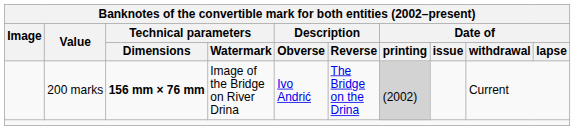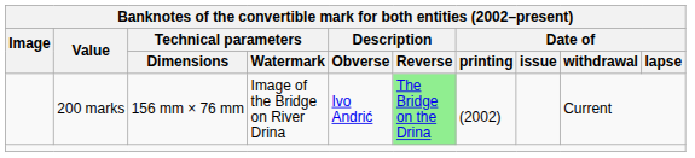 <table class="wikitable collapsible" style="font-size: 90%" width="75%">
 <tr>
 <th colspan="11">Banknotes of the convertible mark for both entities (2002–present)</th>
 </tr>
 <tr>
 <th rowspan="2" width="5%">Image<br> </th>
 <th rowspan="2" width="5%">Value</th>
 <th colspan="2" width="30%">Technical parameters</th>
 <th colspan="2" width="30%">Description</th>
 <th colspan="4" width="30%">Date of</th>
 </tr>
 <tr>
 <th width="10%">Dimensions</th>
 <th width="30%">Watermark</th>
 <th width="18%">Obverse</th>
 <th width="22%">Reverse</th>
 <th width="5%">printing</th>
 <th width="5%">issue</th>
 <th width="5%">withdrawal</th>
 <th width="5%">lapse</th>
 </tr>
 <tr>
 <td style="text-align:center; font-weight:bold; font-size:110%; background=#000;"><span> </span></td>
 <td style="text-align:right">200 marks</td>
-<td style="text-align:right"><strong>156 mm × 76 mm</strong></td>
+<td style="text-align:right">156 mm × 76 mm</td>
 <td>Image of the Bridge on River Drina</td>
 <td><a href='#'>Ivo Andrić</a></td>
-<td><a href='#'>The Bridge on the Drina</a></td>
-<td style="background: lightgrey;"><br>(2002)<br></td>
+<td style="background: lightgreen;"><a href='#'>The Bridge on the Drina</a></td>
+<td><br>(2002)<br></td>
 <td><br></td>
 <td colspan="2">Current</td>
 </tr>
 <tr>
 <td colspan="10"></td>
 </tr>
 </table>
